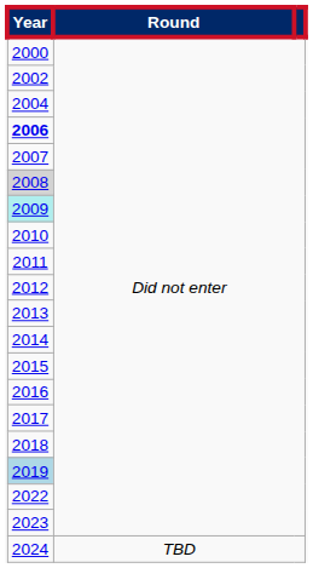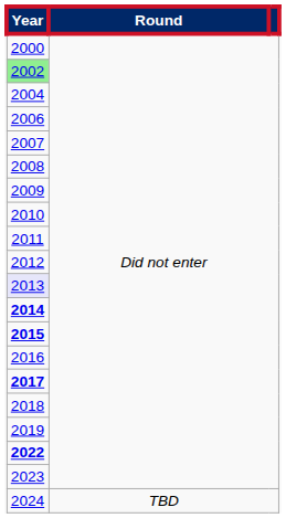 <table class="wikitable" style="text-align: center; font-size:90%">
 <tr style="color:white;">
 <th style="background:#002868; border: 4px solid #CE1126; ">Year</th>
 <th style="background:#002868; border: 4px solid #CE1126; width:200px">Round</th>
 <th style="background:#002868; border: 4px solid #CE1126;"></th>
 </tr>
 <tr>
 <td><a href='#'>2000</a></td>
 <td colspan="2" rowspan="19"><em>Did not enter</em></td>
 </tr>
 <tr>
-<td><a href='#'>2002</a></td>
+<td style="background: lightgreen;"><a href='#'>2002</a></td>
 </tr>
 <tr>
 <td><a href='#'>2004</a></td>
 </tr>
 <tr>
-<td><strong><a href='#'>2006</a></strong></td>
+<td><a href='#'>2006</a></td>
 </tr>
 <tr>
 <td><a href='#'>2007</a></td>
 </tr>
 <tr>
-<td style="background: lightgrey;"><a href='#'>2008</a></td>
+<td><a href='#'>2008</a></td>
 </tr>
 <tr>
-<td style="background: paleturquoise;"><a href='#'>2009</a></td>
+<td><a href='#'>2009</a></td>
 </tr>
 <tr>
 <td><a href='#'>2010</a></td>
 </tr>
 <tr>
 <td><a href='#'>2011</a></td>
 </tr>
 <tr>
 <td><a href='#'>2012</a></td>
 </tr>
 <tr>
-<td><a href='#'>2013</a></td>
+<td style="background: lavender;"><a href='#'>2013</a></td>
 </tr>
 <tr>
-<td><a href='#'>2014</a></td>
+<td><strong><a href='#'>2014</a></strong></td>
 </tr>
 <tr>
-<td><a href='#'>2015</a></td>
+<td><strong><a href='#'>2015</a></strong></td>
 </tr>
 <tr>
 <td><a href='#'>2016</a></td>
 </tr>
 <tr>
-<td><a href='#'>2017</a></td>
+<td><strong><a href='#'>2017</a></strong></td>
 </tr>
 <tr>
 <td><a href='#'>2018</a></td>
 </tr>
 <tr>
-<td style="background: lightblue;"><a href='#'>2019</a></td>
+<td><a href='#'>2019</a></td>
 </tr>
 <tr>
-<td><a href='#'>2022</a></td>
+<td><strong><a href='#'>2022</a></strong></td>
 </tr>
 <tr>
 <td><a href='#'>2023</a></td>
 </tr>
 <tr>
 <td><a href='#'>2024</a></td>
 <td colspan="2"><em>TBD</em></td>
 </tr>
 </table>
